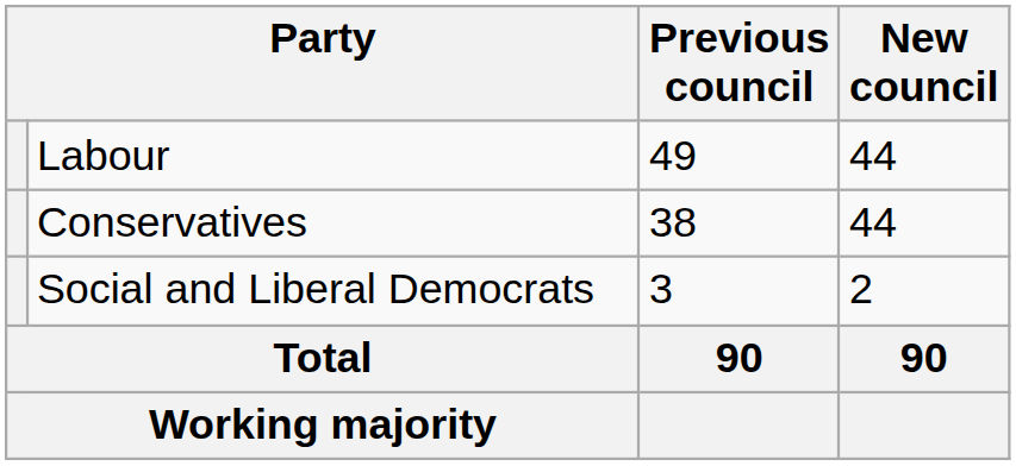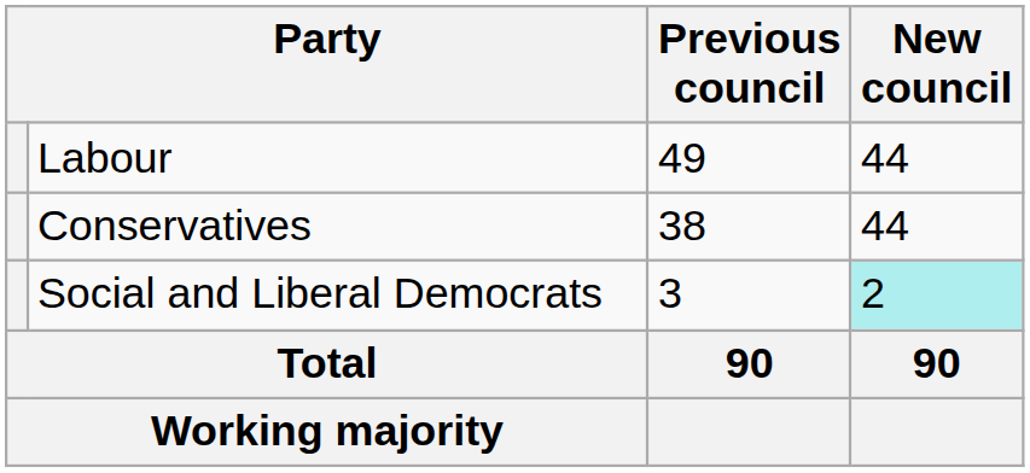 <table class="wikitable">
 <tr>
 <th valign=top colspan="2" style="width: 230px">Party</th>
 <th valign=top style="width: 30px">Previous council</th>
 <th valign=top style="width: 30px">New council</th>
 </tr>
 <tr>
 <th style="background-color: "></th>
 <td>Labour</td>
 <td>49</td>
 <td>44</td>
 </tr>
 <tr>
 <th style="background-color: "></th>
 <td>Conservatives</td>
 <td>38</td>
 <td>44</td>
 </tr>
 <tr>
 <th style="background-color: "></th>
 <td>Social and Liberal Democrats</td>
 <td>3</td>
-<td>2</td>
+<td style="background: paleturquoise;">2</td>
 </tr>
 <tr>
 <th colspan=2>Total</th>
 <th style="text-align: center">90</th>
 <th colspan=3>90</th>
 </tr>
 <tr>
 <th colspan=2>Working majority</th>
 <th></th>
 <th></th>
 </tr>
 </table>
